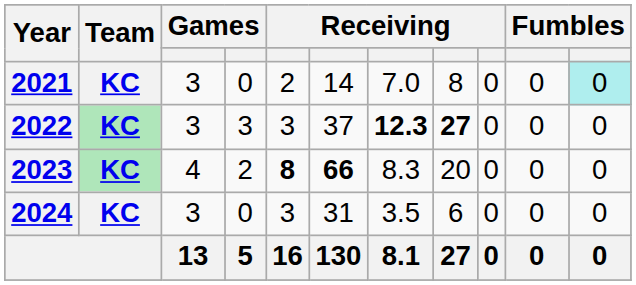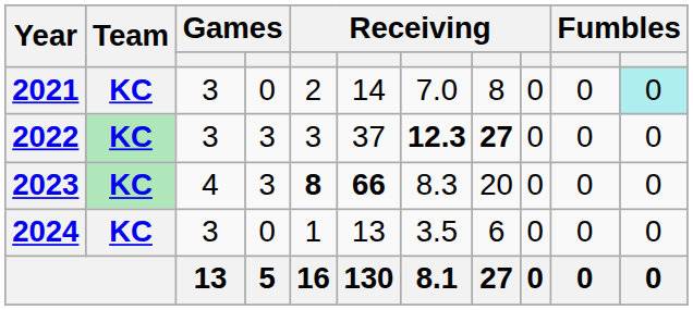 <table class=wikitable style="text-align:center;">
 <tr>
 <th rowspan="2">Year</th>
 <th rowspan="2">Team</th>
 <th colspan="2">Games</th>
 <th colspan="5">Receiving</th>
 <th colspan="2">Fumbles</th>
 </tr>
 <tr>
 <th></th>
 <th></th>
 <th></th>
 <th></th>
 <th></th>
 <th></th>
 <th></th>
 <th></th>
 <th></th>
 </tr>
 <tr>
 <th><a href='#'>2021</a></th>
 <th><a href='#'>KC</a></th>
 <td>3</td>
 <td>0</td>
 <td>2</td>
 <td>14</td>
 <td>7.0</td>
 <td>8</td>
 <td>0</td>
 <td>0</td>
 <td style="background: paleturquoise;">0</td>
 </tr>
 <tr>
 <th><a href='#'>2022</a></th>
 <th style="background:#afe6ba;"><a href='#'>KC</a></th>
 <td>3</td>
 <td>3</td>
 <td>3</td>
 <td>37</td>
 <td><strong>12.3</strong></td>
 <td><strong>27</strong></td>
 <td>0</td>
 <td>0</td>
 <td>0</td>
 </tr>
 <tr>
 <th><a href='#'>2023</a></th>
 <th style="background:#afe6ba;"><a href='#'>KC</a></th>
 <td>4</td>
-<td>2</td>
+<td>3</td>
 <td><strong>8</strong></td>
 <td><strong>66</strong></td>
 <td>8.3</td>
 <td>20</td>
 <td>0</td>
 <td>0</td>
 <td>0</td>
 </tr>
 <tr>
 <th><a href='#'>2024</a></th>
 <th><a href='#'>KC</a></th>
 <td>3</td>
 <td>0</td>
-<td>3</td>
-<td>31</td>
+<td>1</td>
+<td>13</td>
 <td>3.5</td>
 <td>6</td>
 <td>0</td>
 <td>0</td>
 <td>0</td>
 </tr>
 <tr>
 <th colspan="2"></th>
 <th>13</th>
 <th>5</th>
 <th>16</th>
 <th>130</th>
 <th>8.1</th>
 <th>27</th>
 <th>0</th>
 <th>0</th>
 <th>0</th>
 </tr>
 </table>
